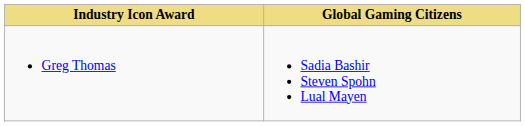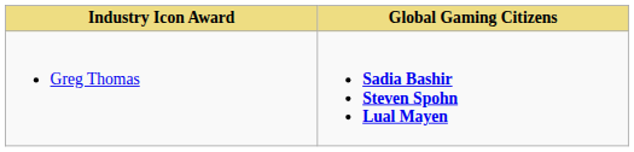 <table class=wikitable>
 <tr>
 <th style="background:#EEDD82; width:25em;">Industry Icon Award</th>
 <th style="background:#EEDD82; width:25em;">Global Gaming Citizens</th>
 </tr>
 <tr>
 <td valign="top"><br><ul><li><a href='#'>Greg Thomas</a></li></ul></td>
-<td valign="top"><br><ul><li><a href='#'>Sadia Bashir</a></li><li><a href='#'>Steven Spohn</a></li><li><a href='#'>Lual Mayen</a></li></ul></td>
+<td valign="top"><strong><br><ul><li><a href='#'>Sadia Bashir</a></li><li><a href='#'>Steven Spohn</a></li><li><a href='#'>Lual Mayen</a></li></ul></strong></td>
 </tr>
 </table>
